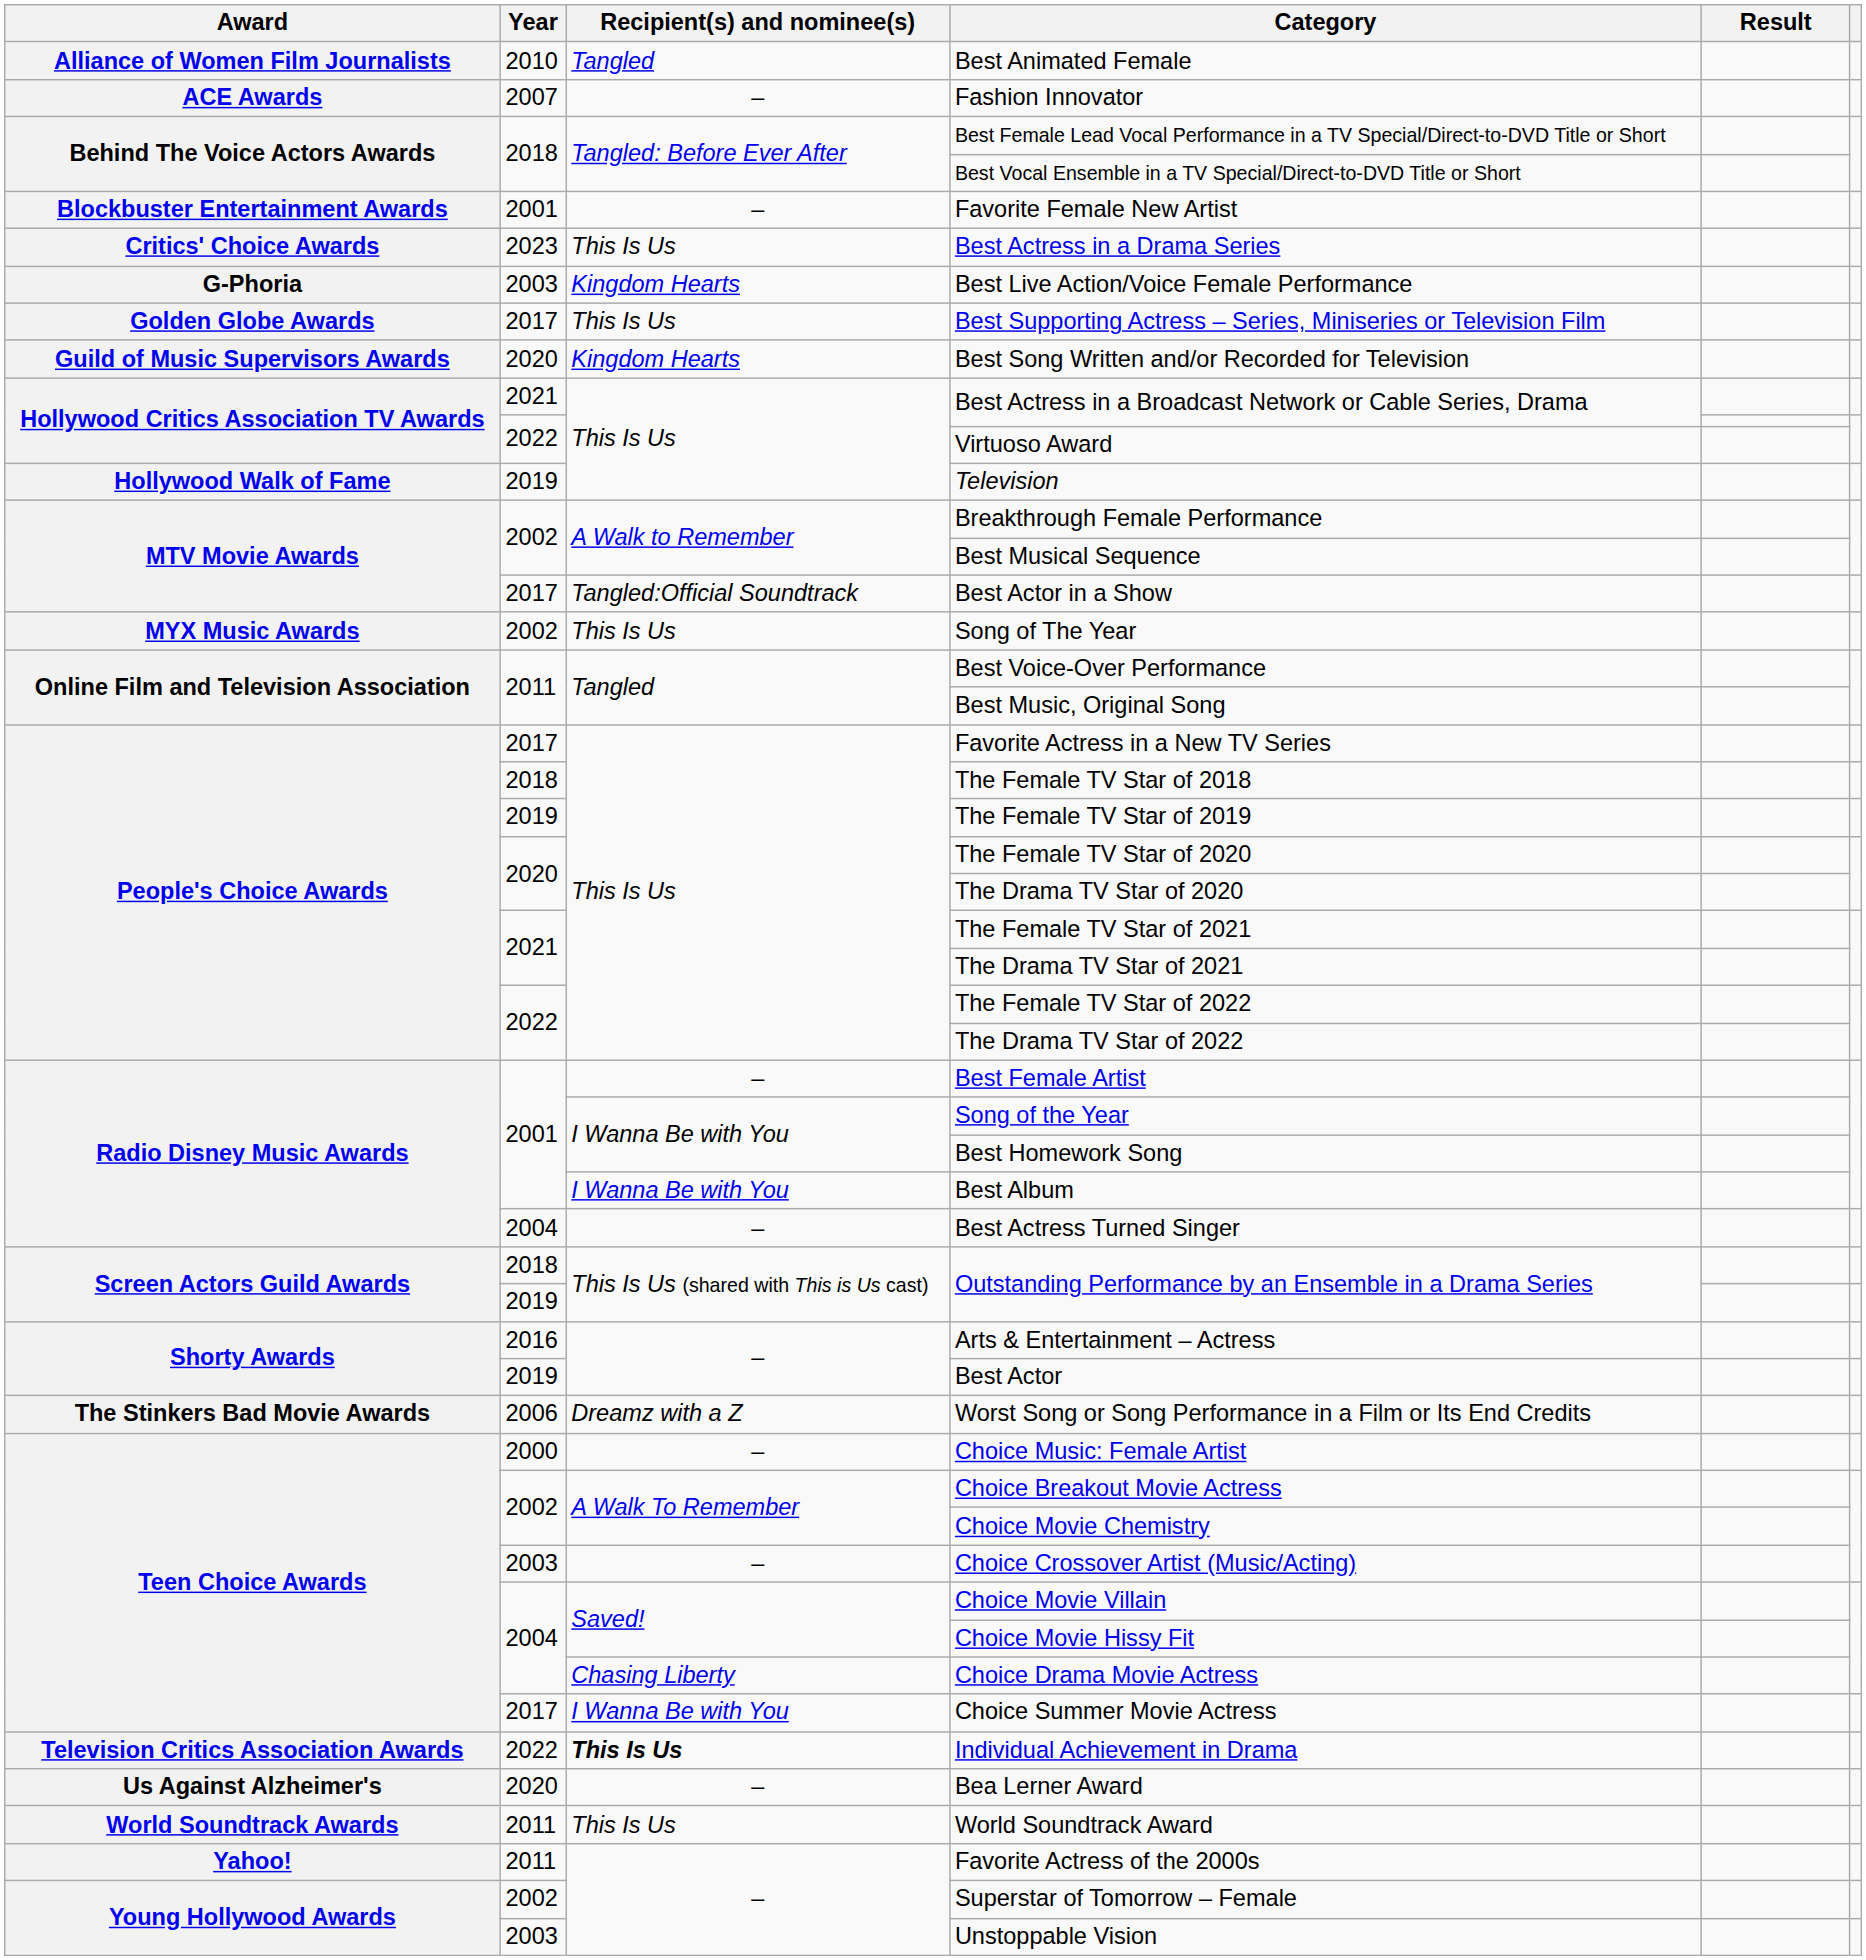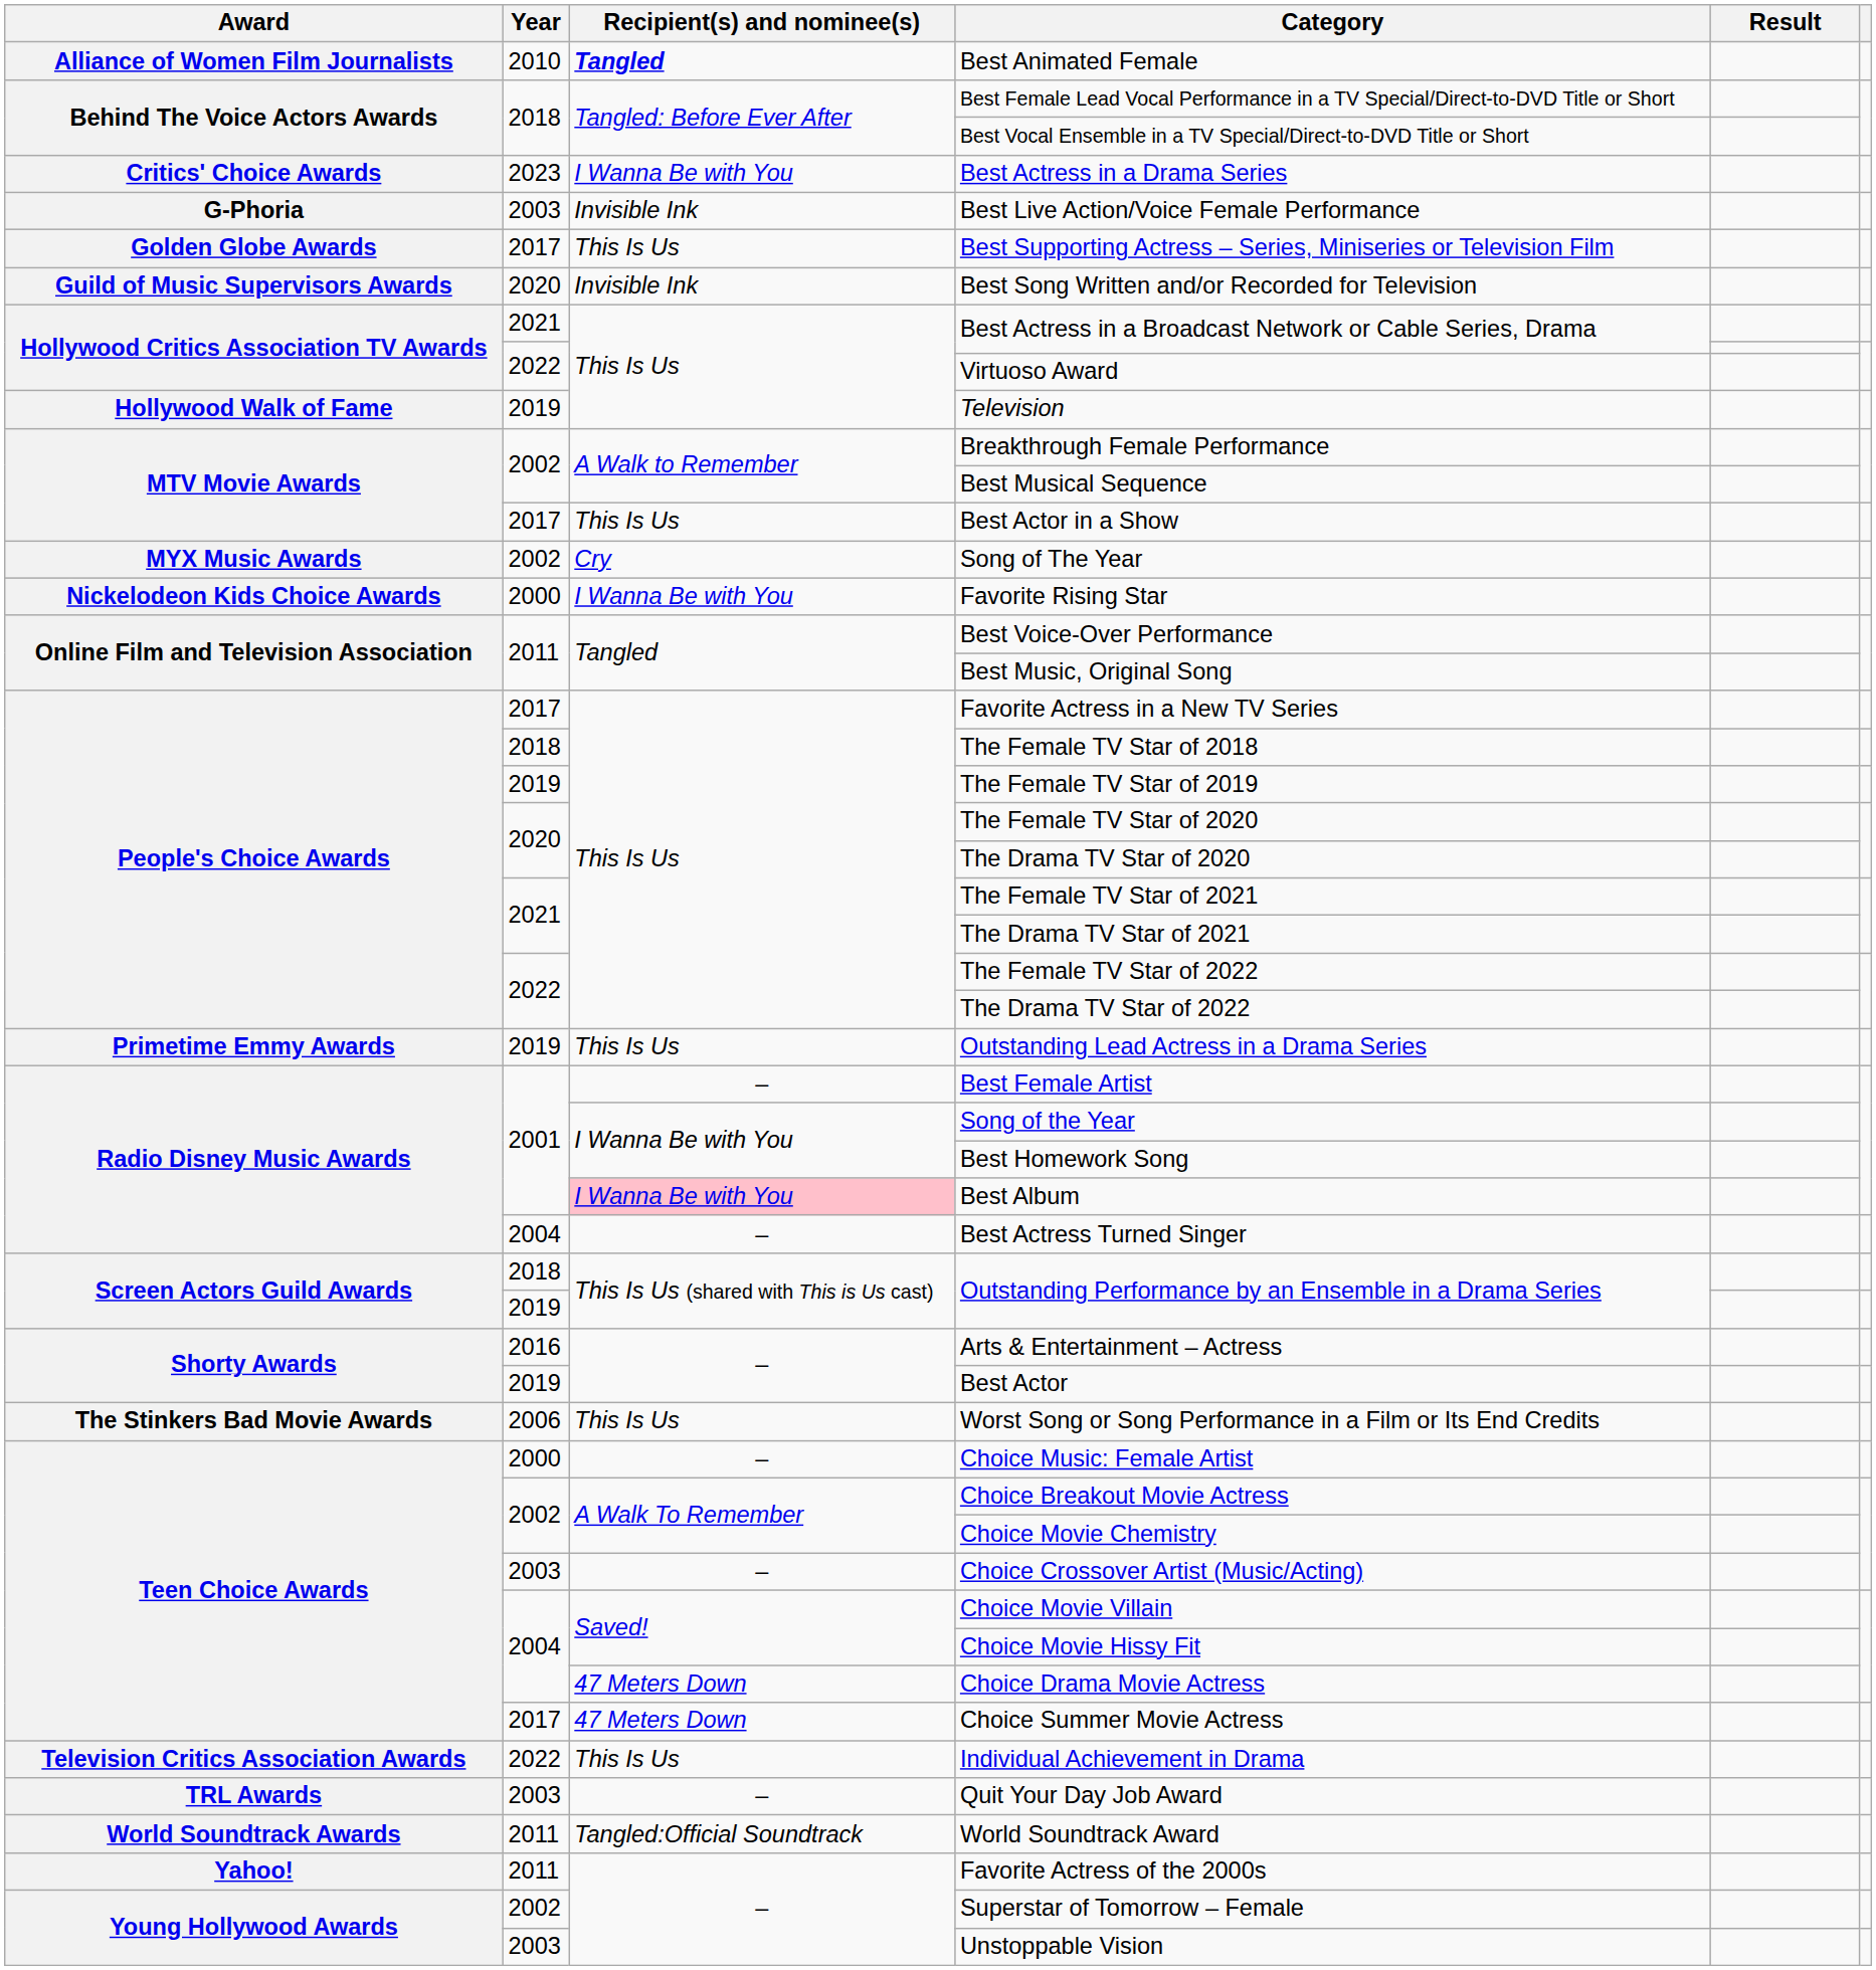 <table class="wikitable sortable plainrowheaders" style="width: 100%;">
 <tr>
 <th scope="col">Award</th>
 <th scope="col">Year</th>
 <th scope="col">Recipient(s) and nominee(s)</th>
 <th scope="col">Category</th>
 <th scope="col" style="width: 8%;">Result</th>
 <th scope="col" class="unsortable"></th>
 </tr>
 <tr>
 <th scope="row"><a href='#'>Alliance of Women Film Journalists</a></th>
 <td>2010</td>
-<td><em><a href='#'>Tangled</a></em></td>
+<td><strong><em><a href='#'>Tangled</a></em></strong></td>
 <td>Best Animated Female</td>
-<td></td>
-<td style="text-align:center;"></td>
-</tr>
-<tr>
-<th scope="row"><a href='#'>ACE Awards</a></th>
-<td>2007</td>
-<td style="text-align:center;">–</td>
-<td>Fashion Innovator</td>
 <td></td>
 <td style="text-align:center;"></td>
 </tr>
 <tr>
 <th scope="row" rowspan="2">Behind The Voice Actors Awards</th>
 <td rowspan="2">2018</td>
 <td rowspan="2"><em><a href='#'>Tangled: Before Ever After</a></em></td>
 <td><small>Best Female Lead Vocal Performance in a TV Special/Direct-to-DVD Title or Short</small></td>
 <td></td>
 <td style="text-align:center;" rowspan="2"></td>
 </tr>
 <tr>
 <td><small>Best Vocal Ensemble in a TV Special/Direct-to-DVD Title or Short</small></td>
 <td></td>
 </tr>
 <tr>
-<th scope="row"><a href='#'>Blockbuster Entertainment Awards</a></th>
-<td>2001</td>
-<td style="text-align:center;">–</td>
-<td>Favorite Female New Artist</td>
-<td></td>
-<td style="text-align:center;"></td>
-</tr>
-<tr>
 <th scope="row"><a href='#'>Critics' Choice Awards</a></th>
 <td>2023</td>
-<td><em>This Is Us</em></td>
+<td><em><a href='#'>I Wanna Be with You</a></em></td>
 <td><a href='#'>Best Actress in a Drama Series</a></td>
 <td></td>
 <td style="text-align:center;"></td>
 </tr>
 <tr>
 <th scope="row">G-Phoria</th>
 <td>2003</td>
-<td><em><a href='#'>Kingdom Hearts</a></em></td>
+<td><em>Invisible Ink</em></td>
 <td>Best Live Action/Voice Female Performance</td>
 <td></td>
 <td style="text-align:center;"></td>
 </tr>
 <tr>
 <th scope="row"><a href='#'>Golden Globe Awards</a></th>
 <td>2017</td>
 <td><em>This Is Us</em></td>
 <td><a href='#'>Best Supporting Actress – Series, Miniseries or Television Film</a></td>
 <td></td>
 <td style="text-align:center;"></td>
 </tr>
 <tr>
 <th scope="row"><a href='#'>Guild of Music Supervisors Awards</a></th>
 <td>2020</td>
-<td><em><a href='#'>Kingdom Hearts</a></em></td>
+<td><em>Invisible Ink</em></td>
 <td>Best Song Written and/or Recorded for Television</td>
 <td></td>
 <td style="text-align:center;"></td>
 </tr>
 <tr>
 <th scope="row" rowspan="3"><a href='#'>Hollywood Critics Association TV Awards</a></th>
 <td>2021</td>
 <td rowspan="4"><em>This Is Us</em></td>
 <td rowspan="2">Best Actress in a Broadcast Network or Cable Series, Drama</td>
 <td></td>
 <td style="text-align:center;"></td>
 </tr>
 <tr>
 <td rowspan="2">2022</td>
 <td></td>
 <td style="text-align:center;" rowspan="2"></td>
 </tr>
 <tr>
 <td>Virtuoso Award</td>
 <td></td>
 </tr>
 <tr>
 <th scope="row"><a href='#'>Hollywood Walk of Fame</a></th>
 <td>2019</td>
 <td><em>Television</em></td>
 <td></td>
 <td style="text-align:center;"></td>
 </tr>
 <tr>
 <th scope="row" rowspan="3"><a href='#'>MTV Movie Awards</a></th>
 <td rowspan="2">2002</td>
 <td rowspan="2"><em><a href='#'>A Walk to Remember</a></em></td>
 <td>Breakthrough Female Performance</td>
 <td></td>
 <td style="text-align:center;" rowspan="2"></td>
 </tr>
 <tr>
 <td>Best Musical Sequence</td>
 <td></td>
 </tr>
 <tr>
 <td>2017</td>
-<td><em>Tangled:Official Soundtrack</em></td>
+<td><em>This Is Us</em></td>
 <td>Best Actor in a Show</td>
 <td></td>
 <td style="text-align:center;"></td>
 </tr>
 <tr>
 <th scope="row"><a href='#'>MYX Music Awards</a></th>
 <td>2002</td>
-<td><em>This Is Us</em></td>
+<td><em><a href='#'>Cry</a></em></td>
 <td>Song of The Year</td>
+<td></td>
+<td style="text-align:center;"></td>
+</tr>
+<tr>
+<th scope="row"><a href='#'>Nickelodeon Kids Choice Awards</a></th>
+<td>2000</td>
+<td><em><a href='#'>I Wanna Be with You</a></em></td>
+<td>Favorite Rising Star</td>
 <td></td>
 <td style="text-align:center;"></td>
 </tr>
 <tr>
 <th scope="row" rowspan="2">Online Film and Television Association</th>
 <td rowspan="2">2011</td>
 <td rowspan="2"><em>Tangled</em></td>
 <td>Best Voice-Over Performance</td>
 <td></td>
 <td style="text-align:center;" rowspan="2"></td>
 </tr>
 <tr>
 <td>Best Music, Original Song</td>
 <td></td>
 </tr>
 <tr>
 <th scope="row" rowspan="9"><a href='#'>People's Choice Awards</a></th>
 <td>2017</td>
 <td rowspan="9"><em>This Is Us</em></td>
 <td>Favorite Actress in a New TV Series</td>
 <td></td>
 <td style="text-align:center;"></td>
 </tr>
 <tr>
 <td>2018</td>
 <td>The Female TV Star of 2018</td>
 <td></td>
 <td style="text-align:center;"></td>
 </tr>
 <tr>
 <td>2019</td>
 <td>The Female TV Star of 2019</td>
 <td></td>
 <td style="text-align:center;"></td>
 </tr>
 <tr>
 <td rowspan="2">2020</td>
 <td>The Female TV Star of 2020</td>
 <td></td>
 <td style="text-align:center;" rowspan="2"></td>
 </tr>
 <tr>
 <td>The Drama TV Star of 2020</td>
 <td></td>
 </tr>
 <tr>
 <td rowspan="2">2021</td>
 <td>The Female TV Star of 2021</td>
 <td></td>
 <td rowspan="2" style="text-align:center;"></td>
 </tr>
 <tr>
 <td>The Drama TV Star of 2021</td>
 <td></td>
 </tr>
 <tr>
 <td rowspan="2">2022</td>
 <td>The Female TV Star of 2022</td>
 <td></td>
 <td rowspan="2" style="text-align:center;"></td>
 </tr>
 <tr>
 <td>The Drama TV Star of 2022</td>
 <td></td>
 </tr>
 <tr>
+<th scope="row"><a href='#'>Primetime Emmy Awards</a></th>
+<td>2019</td>
+<td><em>This Is Us</em></td>
+<td><a href='#'>Outstanding  Lead Actress in a Drama Series</a></td>
+<td></td>
+<td style="text-align:center;"></td>
+</tr>
+<tr>
 <th scope="row" rowspan="5"><a href='#'>Radio Disney Music Awards</a></th>
 <td rowspan="4">2001</td>
 <td style="text-align:center;">–</td>
 <td><a href='#'>Best Female Artist</a></td>
 <td></td>
 <td style="text-align:center;" rowspan="4"></td>
 </tr>
 <tr>
 <td rowspan="2"><em>I Wanna Be with You</em></td>
 <td><a href='#'>Song of the Year</a></td>
 <td></td>
 </tr>
 <tr>
 <td>Best Homework Song</td>
 <td></td>
 </tr>
 <tr>
-<td><em><a href='#'>I Wanna Be with You</a></em></td>
+<td style="background: pink;"><em><a href='#'>I Wanna Be with You</a></em></td>
 <td>Best Album</td>
 <td></td>
 </tr>
 <tr>
 <td>2004</td>
 <td style="text-align:center;">–</td>
 <td>Best Actress Turned Singer</td>
 <td></td>
 <td style="text-align:center;"></td>
 </tr>
 <tr>
 <th scope="row" rowspan="2"><a href='#'>Screen Actors Guild Awards</a></th>
 <td>2018</td>
 <td rowspan="2"><em>This Is Us</em> <small>(shared with <em>This is Us</em> cast)</small></td>
 <td rowspan="2"><a href='#'>Outstanding Performance by an Ensemble in a Drama Series</a></td>
 <td></td>
 <td style="text-align:center;"></td>
 </tr>
 <tr>
 <td>2019</td>
 <td></td>
 <td style="text-align:center;"></td>
 </tr>
 <tr>
 <th scope="row" rowspan="2"><a href='#'>Shorty Awards</a></th>
 <td>2016</td>
 <td style="text-align:center;" rowspan="2">–</td>
 <td>Arts & Entertainment – Actress</td>
 <td></td>
 <td style="text-align:center;"></td>
 </tr>
 <tr>
 <td>2019</td>
 <td>Best Actor</td>
 <td></td>
 <td style="text-align:center;"></td>
 </tr>
 <tr>
 <th scope="row">The Stinkers Bad Movie Awards</th>
 <td>2006</td>
-<td><em>Dreamz with a Z</em></td>
+<td><em>This Is Us</em></td>
 <td>Worst Song or Song Performance in a Film or Its End Credits</td>
 <td></td>
 <td style="text-align:center;"></td>
 </tr>
 <tr>
 <th scope="row" rowspan="8"><a href='#'>Teen Choice Awards</a></th>
 <td>2000</td>
 <td style="text-align:center;">–</td>
 <td><a href='#'>Choice Music: Female Artist</a></td>
 <td></td>
 <td style="text-align:center;"></td>
 </tr>
 <tr>
 <td rowspan="2">2002</td>
 <td rowspan="2"><em><a href='#'>A Walk To Remember</a></em></td>
 <td><a href='#'>Choice Breakout Movie Actress</a></td>
 <td></td>
 <td style="text-align:center;" rowspan="3"></td>
 </tr>
 <tr>
 <td><a href='#'>Choice Movie Chemistry</a></td>
 <td></td>
 </tr>
 <tr>
 <td>2003</td>
 <td style="text-align:center;">–</td>
 <td><a href='#'>Choice Crossover Artist (Music/Acting)</a></td>
 <td></td>
 </tr>
 <tr>
 <td rowspan="3">2004</td>
 <td rowspan="2"><em><a href='#'>Saved!</a></em></td>
 <td><a href='#'>Choice Movie Villain</a></td>
 <td></td>
 <td style="text-align:center;" rowspan="3"></td>
 </tr>
 <tr>
 <td><a href='#'>Choice Movie Hissy Fit</a></td>
 <td></td>
 </tr>
 <tr>
-<td><em><a href='#'>Chasing Liberty</a></em></td>
+<td><em><a href='#'>47 Meters Down</a></em></td>
 <td><a href='#'>Choice Drama Movie Actress</a></td>
 <td></td>
 </tr>
 <tr>
 <td>2017</td>
-<td><em><a href='#'>I Wanna Be with You</a></em></td>
+<td><em><a href='#'>47 Meters Down</a></em></td>
 <td>Choice Summer Movie Actress</td>
 <td></td>
 <td style="text-align:center;"></td>
 </tr>
 <tr>
 <th scope="row"><a href='#'>Television Critics Association Awards</a></th>
 <td>2022</td>
-<td><strong><em>This Is Us</em></strong></td>
+<td><em>This Is Us</em></td>
 <td><a href='#'>Individual Achievement in Drama</a></td>
 <td></td>
 <td style="text-align:center;"></td>
 </tr>
 <tr>
-<th scope="row">Us Against Alzheimer's</th>
-<td>2020</td>
+<th scope="row"><a href='#'>TRL Awards</a></th>
+<td>2003</td>
 <td style="text-align:center;">–</td>
-<td>Bea Lerner Award</td>
+<td>Quit Your Day Job Award</td>
 <td></td>
 <td style="text-align:center;"></td>
 </tr>
 <tr>
 <th scope="row"><a href='#'>World Soundtrack Awards</a></th>
 <td>2011</td>
-<td><em>This Is Us</em></td>
+<td><em>Tangled:Official Soundtrack</em></td>
 <td>World Soundtrack Award</td>
 <td></td>
 <td style="text-align:center;"></td>
 </tr>
 <tr>
 <th scope="row"><a href='#'>Yahoo!</a></th>
 <td>2011</td>
 <td style="text-align:center;" rowspan="3">–</td>
 <td>Favorite Actress of the 2000s</td>
 <td></td>
 <td style="text-align:center;"></td>
 </tr>
 <tr>
 <th scope="row" rowspan="2"><a href='#'>Young Hollywood Awards</a></th>
 <td>2002</td>
 <td>Superstar of Tomorrow – Female</td>
 <td></td>
 <td style="text-align:center;"></td>
 </tr>
 <tr>
 <td>2003</td>
 <td>Unstoppable Vision</td>
 <td></td>
 <td style="text-align:center;"></td>
 </tr>
 </table>
